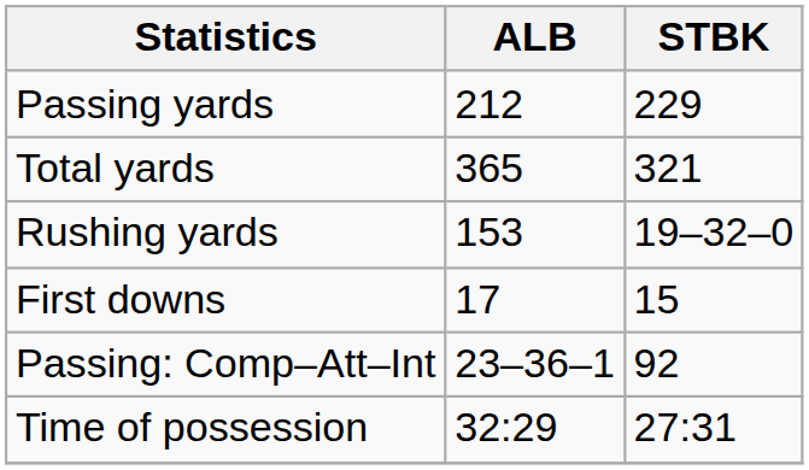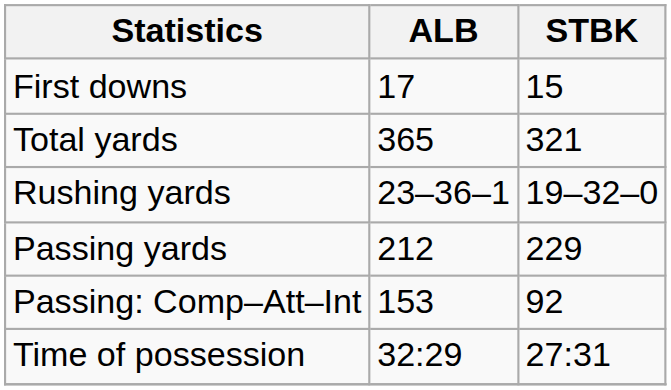 <table class="wikitable" style="float: left;">
 <tr>
 <th>Statistics</th>
 <th>ALB</th>
 <th>STBK</th>
 </tr>
 <tr>
-<td>Passing yards</td>
-<td>212</td>
-<td>229</td>
+<td>First downs</td>
+<td>17</td>
+<td>15</td>
 </tr>
 <tr>
 <td>Total yards</td>
 <td>365</td>
 <td>321</td>
 </tr>
 <tr>
 <td>Rushing yards</td>
-<td>153</td>
+<td>23–36–1</td>
 <td>19–32–0</td>
 </tr>
 <tr>
-<td>First downs</td>
-<td>17</td>
-<td>15</td>
+<td>Passing yards</td>
+<td>212</td>
+<td>229</td>
 </tr>
 <tr>
 <td>Passing: Comp–Att–Int</td>
-<td>23–36–1</td>
+<td>153</td>
 <td>92</td>
 </tr>
 <tr>
 <td>Time of possession</td>
 <td>32:29</td>
 <td>27:31</td>
 </tr>
 <tr>
 </tr>
 </table>
